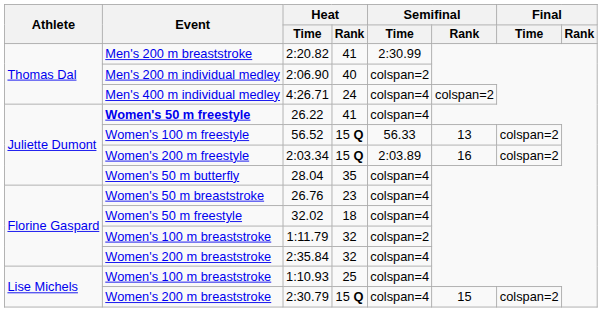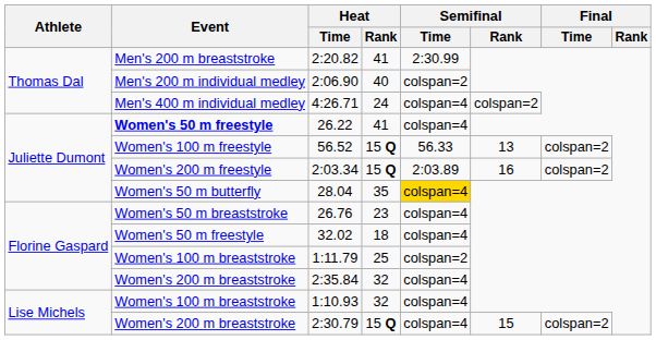 <table class="wikitable" style="text-align:center; font-size:90%">
 <tr>
 <th rowspan=2>Athlete</th>
 <th rowspan=2>Event</th>
 <th colspan=2>Heat</th>
 <th colspan=2>Semifinal</th>
 <th colspan=2>Final</th>
 </tr>
 <tr style="font-size:95%">
 <th>Time</th>
 <th>Rank</th>
 <th>Time</th>
 <th>Rank</th>
 <th>Time</th>
 <th>Rank</th>
 </tr>
 <tr>
 <td rowspan=3 align=left><a href='#'>Thomas Dal</a></td>
 <td align=left><a href='#'>Men's 200 m breaststroke</a></td>
 <td>2:20.82</td>
 <td>41</td>
 <td>2:30.99</td>
 </tr>
 <tr>
 <td align=left><a href='#'>Men's 200 m individual medley</a></td>
 <td>2:06.90</td>
 <td>40</td>
 <td>colspan=2 </td>
 </tr>
 <tr>
 <td align=left><a href='#'>Men's 400 m individual medley</a></td>
 <td>4:26.71</td>
 <td>24</td>
 <td>colspan=4 </td>
 <td>colspan=2 </td>
 </tr>
 <tr>
 <td rowspan=4 align=left><a href='#'>Juliette Dumont</a></td>
 <td align=left><strong><a href='#'>Women's 50 m freestyle</a></strong></td>
 <td>26.22</td>
 <td>41</td>
 <td>colspan=4 </td>
 </tr>
 <tr>
 <td align=left><a href='#'>Women's 100 m freestyle</a></td>
 <td>56.52</td>
 <td>15 <strong>Q</strong></td>
 <td>56.33</td>
 <td>13</td>
 <td>colspan=2 </td>
 </tr>
 <tr>
 <td align=left><a href='#'>Women's 200 m freestyle</a></td>
 <td>2:03.34</td>
 <td>15 <strong>Q</strong></td>
 <td>2:03.89</td>
 <td>16</td>
 <td>colspan=2 </td>
 </tr>
 <tr>
 <td align=left><a href='#'>Women's 50 m butterfly</a></td>
 <td>28.04</td>
 <td>35</td>
-<td>colspan=4 </td>
+<td style="background: gold;">colspan=4 </td>
 </tr>
 <tr>
 <td rowspan=4 align=left><a href='#'>Florine Gaspard</a></td>
 <td align=left><a href='#'>Women's 50 m breaststroke</a></td>
 <td>26.76</td>
 <td>23</td>
 <td>colspan=4 </td>
 </tr>
 <tr>
 <td align=left><a href='#'>Women's 50 m freestyle</a></td>
 <td>32.02</td>
 <td>18</td>
 <td>colspan=4 </td>
 </tr>
 <tr>
 <td align=left><a href='#'>Women's 100 m breaststroke</a></td>
 <td>1:11.79</td>
-<td>32</td>
+<td>25</td>
 <td>colspan=2 </td>
 </tr>
 <tr>
 <td align=left><a href='#'>Women's 200 m breaststroke</a></td>
 <td>2:35.84</td>
 <td>32</td>
 <td>colspan=4 </td>
 </tr>
 <tr>
 <td rowspan=2 align=left><a href='#'>Lise Michels</a></td>
 <td align=left><a href='#'>Women's 100 m breaststroke</a></td>
 <td>1:10.93</td>
-<td>25</td>
+<td>32</td>
 <td>colspan=4 </td>
 </tr>
 <tr>
 <td align=left><a href='#'>Women's 200 m breaststroke</a></td>
 <td>2:30.79</td>
 <td>15 <strong>Q</strong></td>
 <td>colspan=4 </td>
 <td>15</td>
 <td>colspan=2 </td>
 </tr>
 </table>
